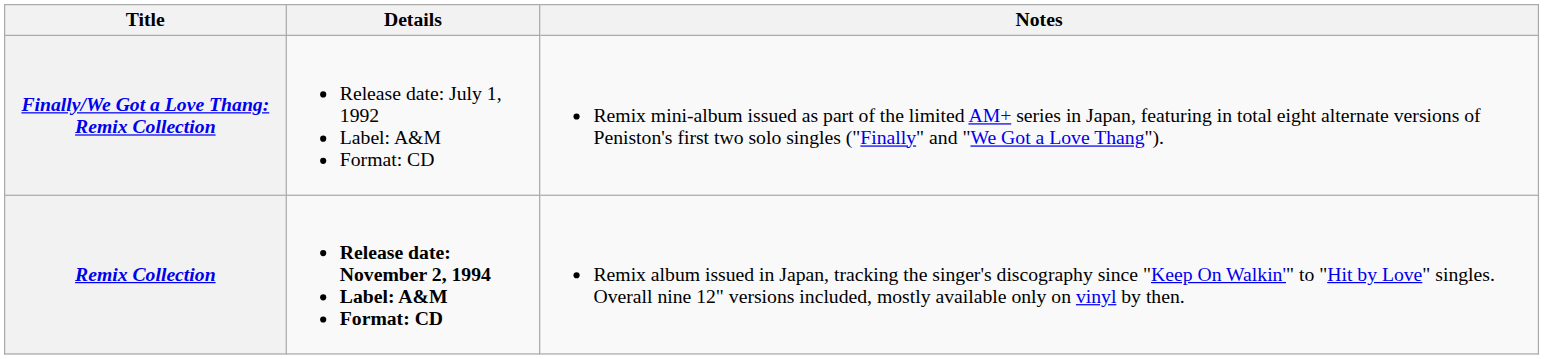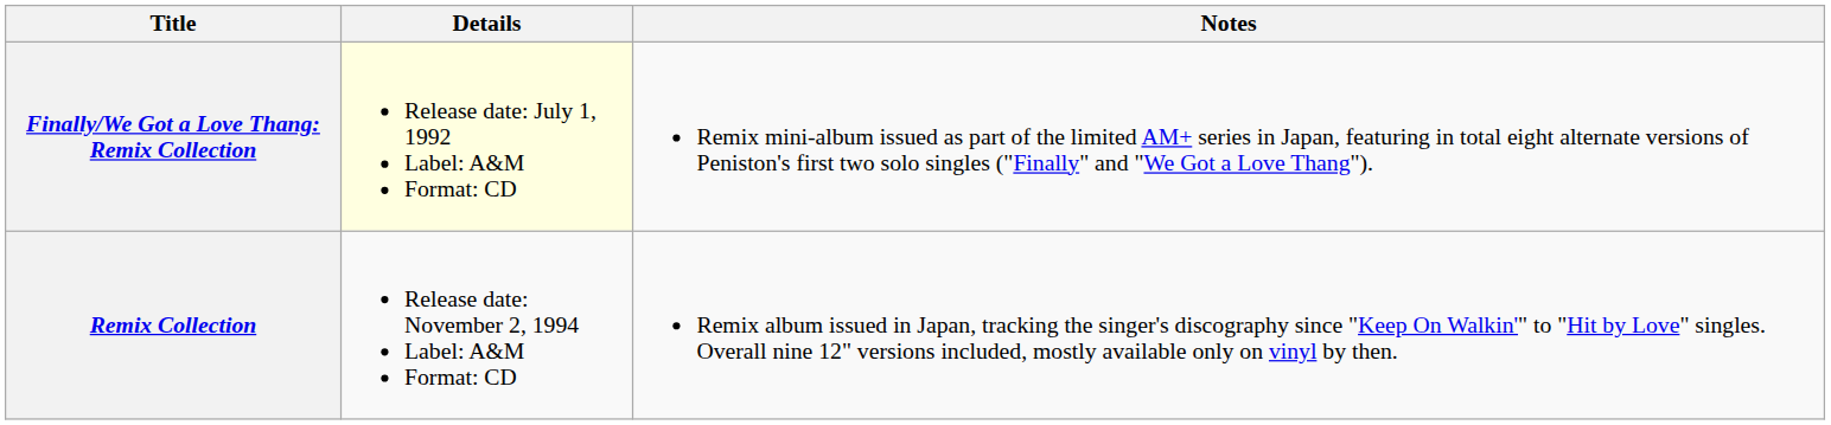 <table class="wikitable plainrowheaders">
 <tr>
 <th scope="col">Title</th>
 <th scope="col">Details</th>
 <th scope="col">Notes</th>
 </tr>
 <tr>
 <th scope="row"><em><a href='#'>Finally/We Got a Love Thang: Remix Collection</a></em></th>
-<td><br><ul><li>Release date: July 1, 1992</li><li>Label: A&M </li><li>Format: CD</li></ul></td>
+<td style="background: lightyellow;"><br><ul><li>Release date: July 1, 1992</li><li>Label: A&M </li><li>Format: CD</li></ul></td>
 <td><br><ul><li>Remix mini-album issued as part of the limited <a href='#'>AM+</a> series in Japan, featuring in total eight alternate versions of Peniston's first two solo singles ("<a href='#'>Finally</a>" and "<a href='#'>We Got a Love Thang</a>").</li></ul></td>
 </tr>
 <tr>
 <th scope="row"><em><a href='#'>Remix Collection</a></em></th>
-<td><strong><br><ul><li>Release date: November 2, 1994</li><li>Label: A&M </li><li>Format: CD</li></ul></strong></td>
+<td><br><ul><li>Release date: November 2, 1994</li><li>Label: A&M </li><li>Format: CD</li></ul></td>
 <td><br><ul><li>Remix album issued in Japan, tracking the singer's discography since "<a href='#'>Keep On Walkin'</a>" to "<a href='#'>Hit by Love</a>" singles. Overall nine 12" versions included, mostly available only on <a href='#'>vinyl</a> by then.</li></ul></td>
 </tr>
 </table>
